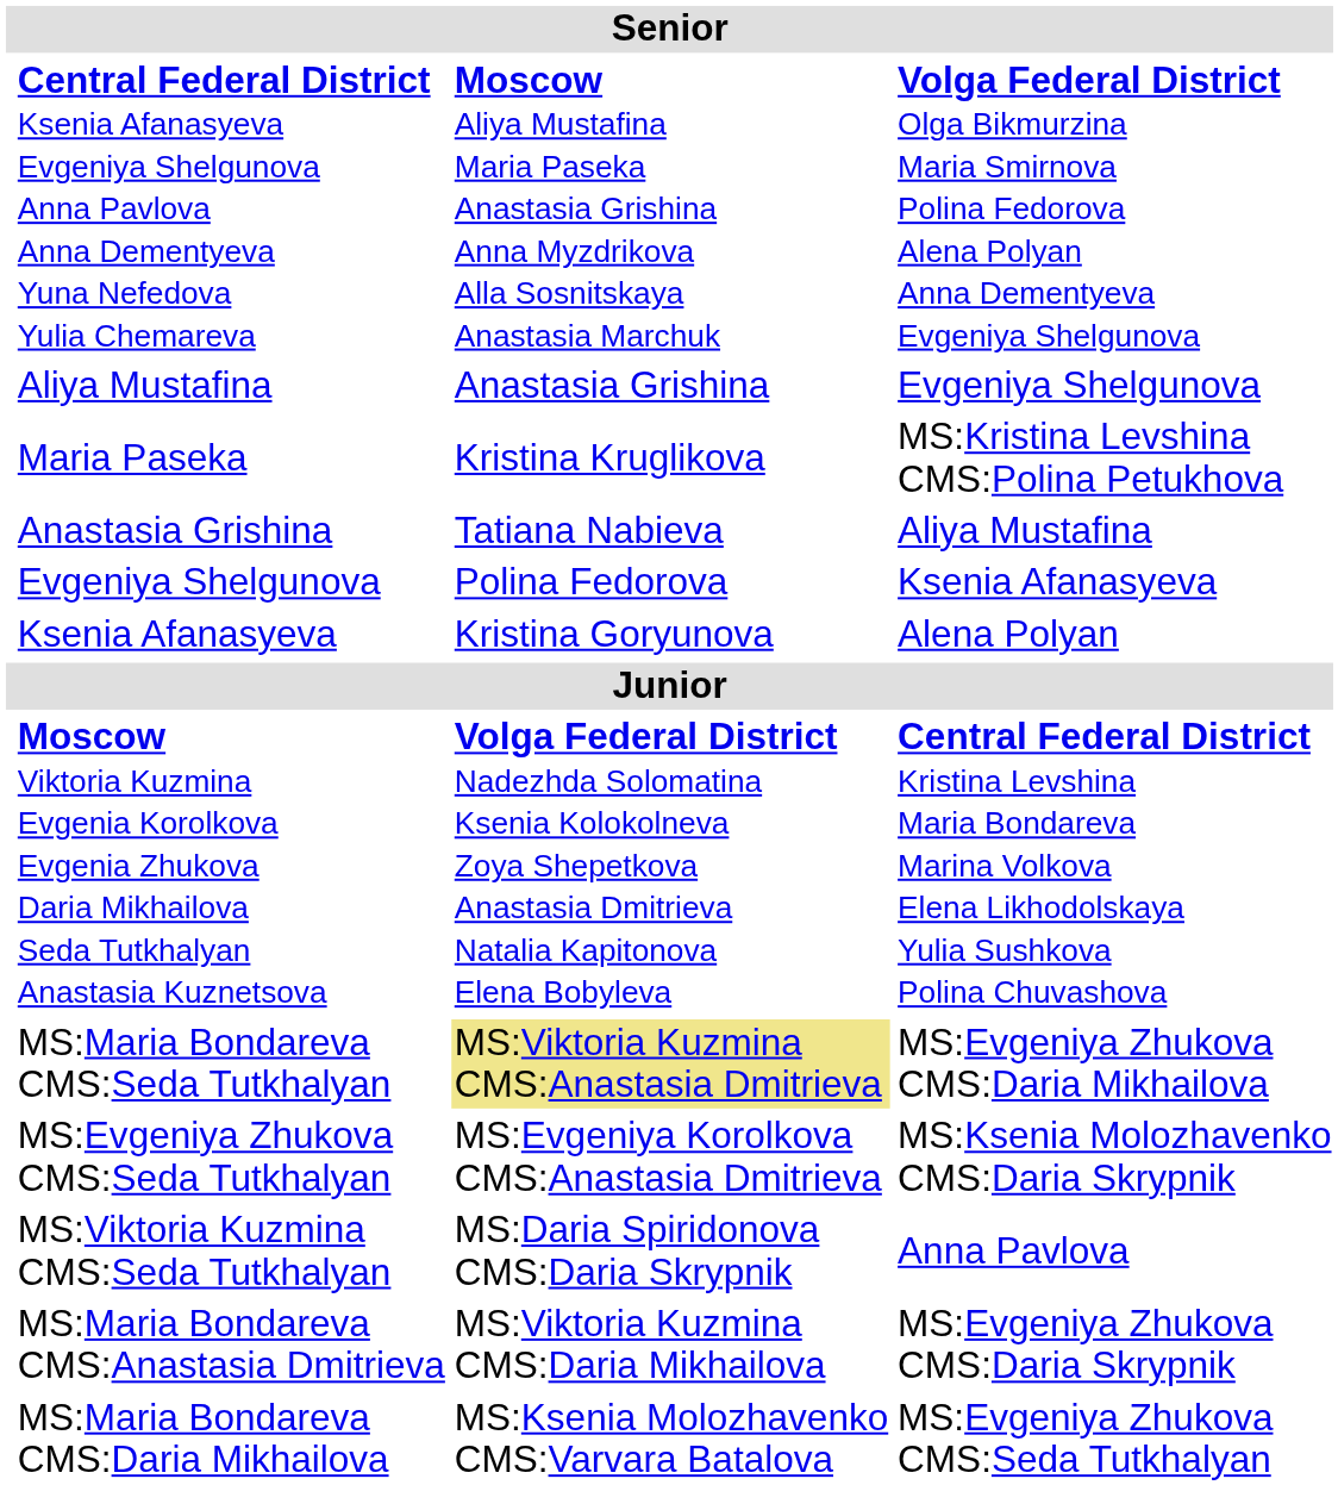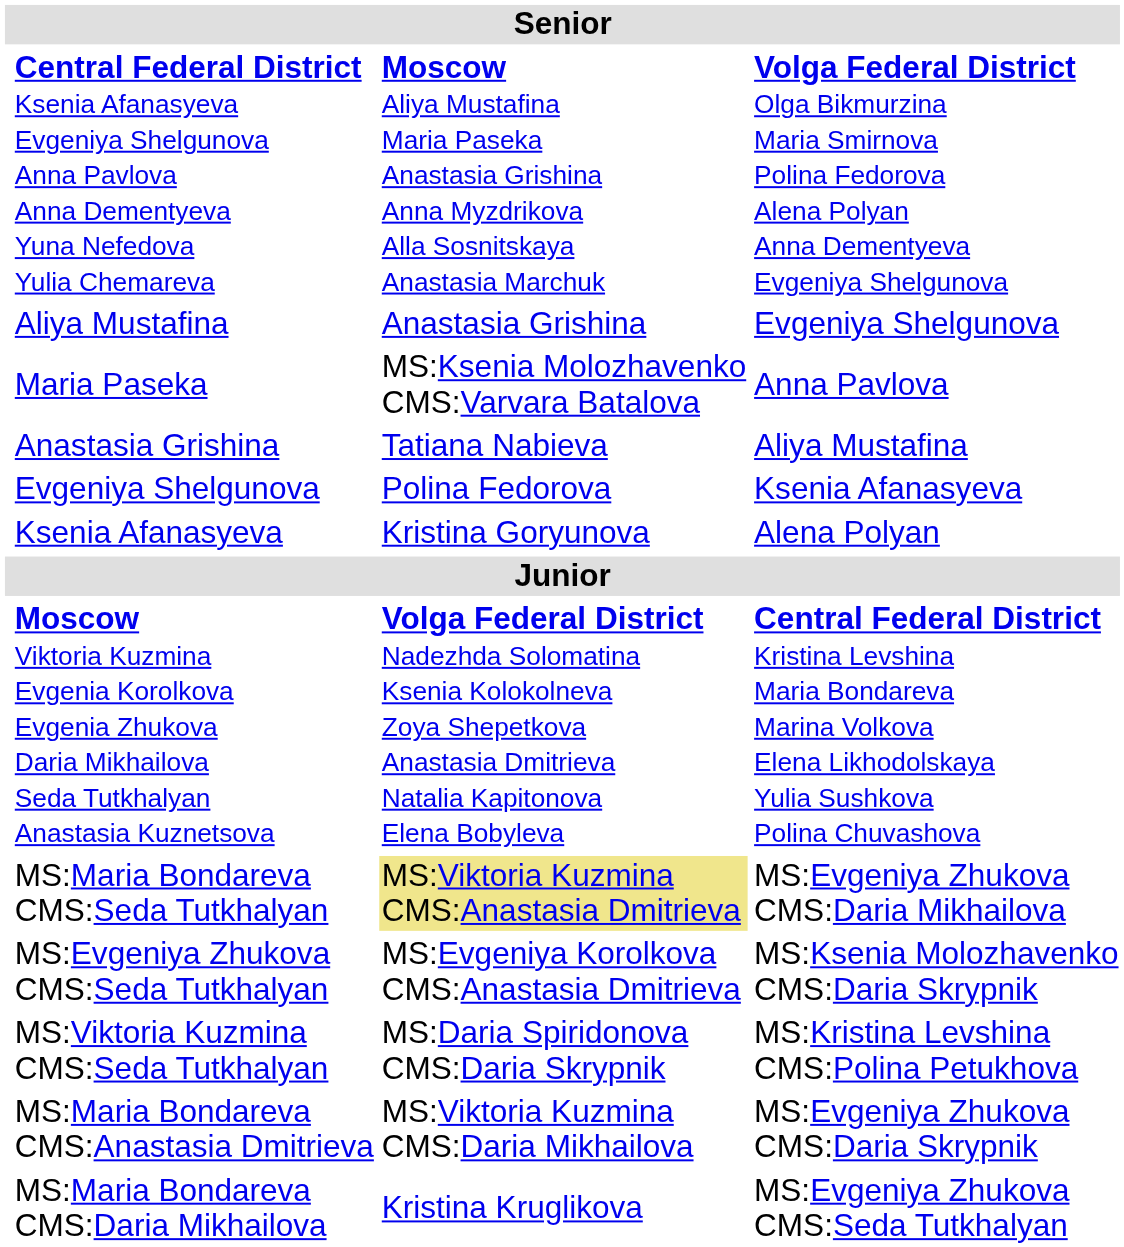 <table>
 <tr bgcolor="DFDFDF">
 <td colspan="5" align="center"><strong>Senior</strong></td>
 </tr>
 <tr>
 <td><br></td>
 <td><strong><a href='#'>Central Federal District</a></strong><br><small><a href='#'>Ksenia Afanasyeva</a><br><a href='#'>Evgeniya Shelgunova</a><br><a href='#'>Anna Pavlova</a><br><a href='#'>Anna Dementyeva</a><br><a href='#'>Yuna Nefedova</a><br><a href='#'>Yulia Chemareva</a></small></td>
 <td><strong><a href='#'>Moscow</a></strong><br><small><a href='#'>Aliya Mustafina</a><br><a href='#'>Maria Paseka</a><br><a href='#'>Anastasia Grishina</a><br><a href='#'>Anna Myzdrikova</a><br><a href='#'>Alla Sosnitskaya</a><br><a href='#'>Anastasia Marchuk</a></small></td>
 <td><strong><a href='#'>Volga Federal District</a></strong><br><small><a href='#'>Olga Bikmurzina</a><br><a href='#'>Maria Smirnova</a><br><a href='#'>Polina Fedorova</a><br><a href='#'>Alena Polyan</a><br><a href='#'>Anna Dementyeva</a><br><a href='#'>Evgeniya Shelgunova</a></small></td>
 </tr>
 <tr>
 <td><br></td>
 <td><a href='#'>Aliya Mustafina</a></td>
 <td><a href='#'>Anastasia Grishina</a></td>
 <td><a href='#'>Evgeniya Shelgunova</a></td>
 </tr>
 <tr>
 <td><br></td>
 <td><a href='#'>Maria Paseka</a></td>
-<td><a href='#'>Kristina Kruglikova</a></td>
-<td>MS:<a href='#'>Kristina Levshina</a><br> CMS:<a href='#'>Polina Petukhova</a></td>
+<td>MS:<a href='#'>Ksenia Molozhavenko</a><br> CMS:<a href='#'>Varvara Batalova</a></td>
+<td><a href='#'>Anna Pavlova</a></td>
 </tr>
 <tr>
 <td><br></td>
 <td><a href='#'>Anastasia Grishina</a></td>
 <td><a href='#'>Tatiana Nabieva</a></td>
 <td><a href='#'>Aliya Mustafina</a></td>
 </tr>
 <tr>
 <td><br></td>
 <td><a href='#'>Evgeniya Shelgunova</a></td>
 <td><a href='#'>Polina Fedorova</a></td>
 <td><a href='#'>Ksenia Afanasyeva</a></td>
 </tr>
 <tr>
 <td><br></td>
 <td><a href='#'>Ksenia Afanasyeva</a></td>
 <td><a href='#'>Kristina Goryunova</a></td>
 <td><a href='#'>Alena Polyan</a></td>
 </tr>
 <tr bgcolor="DFDFDF">
 <td colspan="5" align="center"><strong>Junior</strong></td>
 </tr>
 <tr>
 <td><br></td>
 <td><strong><a href='#'>Moscow</a></strong><br><small><a href='#'>Viktoria Kuzmina</a><br><a href='#'>Evgenia Korolkova</a><br><a href='#'>Evgenia Zhukova</a><br><a href='#'>Daria Mikhailova</a><br><a href='#'>Seda Tutkhalyan</a><br><a href='#'>Anastasia Kuznetsova</a></small></td>
 <td><strong><a href='#'>Volga Federal District</a></strong><br><small><a href='#'>Nadezhda Solomatina</a><br><a href='#'>Ksenia Kolokolneva</a><br><a href='#'>Zoya Shepetkova</a><br><a href='#'>Anastasia Dmitrieva</a><br><a href='#'>Natalia Kapitonova</a><br><a href='#'>Elena Bobyleva</a></small></td>
 <td><strong><a href='#'>Central Federal District</a></strong><br><small><a href='#'>Kristina Levshina</a><br><a href='#'>Maria Bondareva</a><br><a href='#'>Marina Volkova</a><br><a href='#'>Elena Likhodolskaya</a><br><a href='#'>Yulia Sushkova</a><br><a href='#'>Polina Chuvashova</a></small></td>
 </tr>
 <tr>
 <td><br></td>
 <td>MS:<a href='#'>Maria Bondareva</a><br> CMS:<a href='#'>Seda Tutkhalyan</a></td>
 <td style="background: khaki;">MS:<a href='#'>Viktoria Kuzmina</a><br> CMS:<a href='#'>Anastasia Dmitrieva</a></td>
 <td>MS:<a href='#'>Evgeniya Zhukova</a><br> CMS:<a href='#'>Daria Mikhailova</a></td>
 </tr>
 <tr>
 <td><br></td>
 <td>MS:<a href='#'>Evgeniya Zhukova</a><br> CMS:<a href='#'>Seda Tutkhalyan</a></td>
 <td>MS:<a href='#'>Evgeniya Korolkova</a><br> CMS:<a href='#'>Anastasia Dmitrieva</a></td>
 <td>MS:<a href='#'>Ksenia Molozhavenko</a><br> CMS:<a href='#'>Daria Skrypnik</a></td>
 </tr>
 <tr>
 <td><br></td>
 <td>MS:<a href='#'>Viktoria Kuzmina</a><br> CMS:<a href='#'>Seda Tutkhalyan</a></td>
 <td>MS:<a href='#'>Daria Spiridonova</a><br> CMS:<a href='#'>Daria Skrypnik</a></td>
-<td><a href='#'>Anna Pavlova</a></td>
+<td>MS:<a href='#'>Kristina Levshina</a><br> CMS:<a href='#'>Polina Petukhova</a></td>
 </tr>
 <tr>
 <td><br></td>
 <td>MS:<a href='#'>Maria Bondareva</a><br> CMS:<a href='#'>Anastasia Dmitrieva</a></td>
 <td>MS:<a href='#'>Viktoria Kuzmina</a><br> CMS:<a href='#'>Daria Mikhailova</a></td>
 <td>MS:<a href='#'>Evgeniya Zhukova</a><br> CMS:<a href='#'>Daria Skrypnik</a></td>
 </tr>
 <tr>
 <td><br></td>
 <td>MS:<a href='#'>Maria Bondareva</a><br> CMS:<a href='#'>Daria Mikhailova</a></td>
-<td>MS:<a href='#'>Ksenia Molozhavenko</a><br> CMS:<a href='#'>Varvara Batalova</a></td>
+<td><a href='#'>Kristina Kruglikova</a></td>
 <td>MS:<a href='#'>Evgeniya Zhukova</a><br> CMS:<a href='#'>Seda Tutkhalyan</a></td>
 </tr>
 </table>
